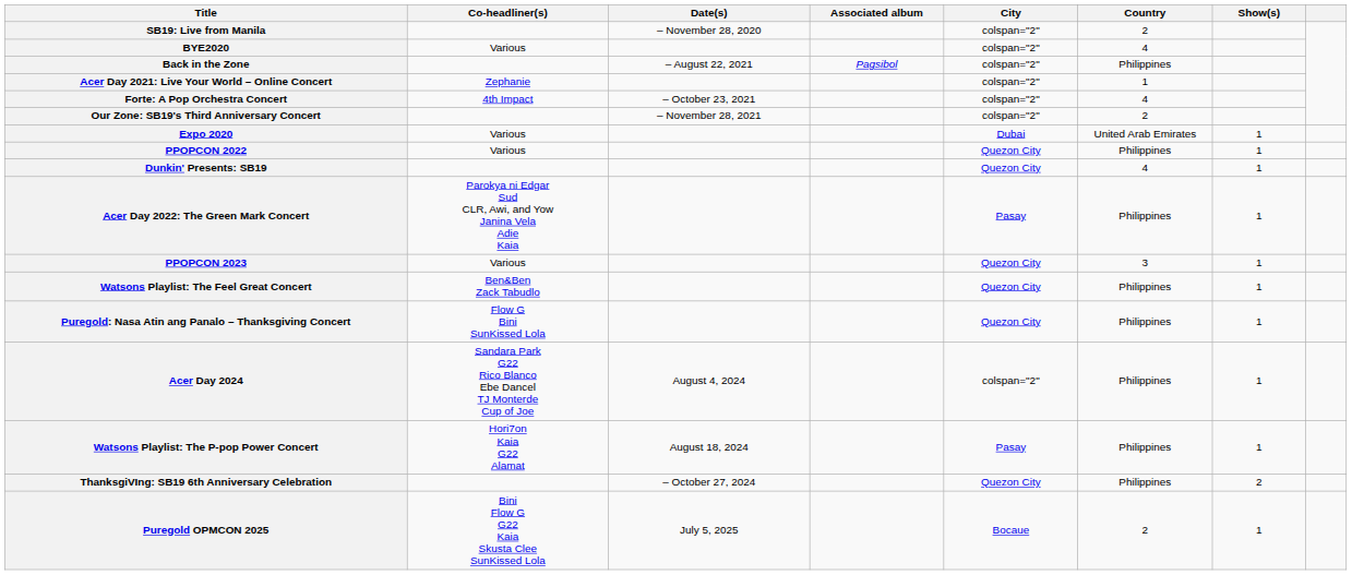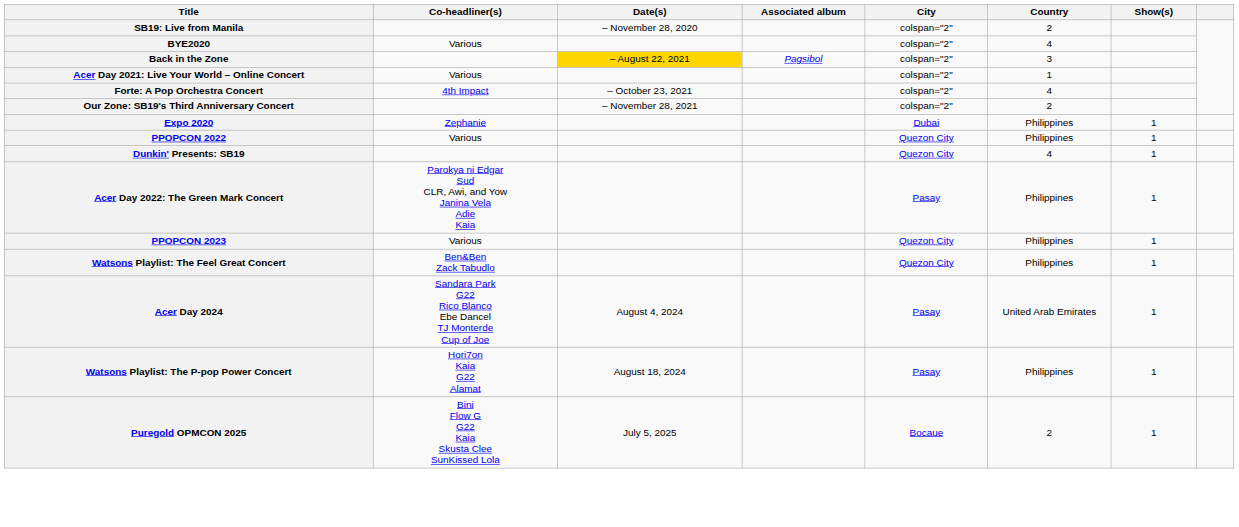 <table class="wikitable sortable plainrowheaders" style="text-align:center;" width="100%">
 <tr>
 <th scope="col" width="30%">Title</th>
 <th scope="col" width="15%" class="unsortable">Co-headliner(s)</th>
 <th scope="col" width="15%">Date(s)</th>
 <th scope="col" width="10%">Associated album</th>
 <th scope="col" width="10%">City</th>
 <th scope="col" width="10%">Country</th>
 <th scope="col" width="7%">Show(s)</th>
 <th scope="col" width="3%" class="unsortable"></th>
 </tr>
 <tr>
 <th scope="row">SB19: Live from Manila</th>
 <td></td>
 <td> – November 28, 2020</td>
 <td></td>
 <td>colspan="2" </td>
 <td>2</td>
 <td></td>
 </tr>
 <tr>
 <th scope="row">BYE2020</th>
 <td>Various</td>
 <td></td>
 <td></td>
 <td>colspan="2" </td>
 <td>4</td>
 <td></td>
 </tr>
 <tr>
 <th scope="row">Back in the Zone</th>
 <td></td>
-<td> – August 22, 2021</td>
+<td style="background: gold;"> – August 22, 2021</td>
 <td><em><a href='#'>Pagsibol</a></em></td>
 <td>colspan="2" </td>
-<td>Philippines</td>
+<td>3</td>
 <td></td>
 </tr>
 <tr>
 <th scope="row"><a href='#'>Acer</a> Day 2021: Live Your World – Online Concert</th>
-<td><a href='#'>Zephanie</a></td>
+<td>Various</td>
 <td></td>
 <td></td>
 <td>colspan="2" </td>
 <td>1</td>
 <td></td>
 </tr>
 <tr>
 <th scope="row">Forte: A Pop Orchestra Concert</th>
 <td><a href='#'>4th Impact</a></td>
 <td> – October 23, 2021</td>
 <td></td>
 <td>colspan="2" </td>
 <td>4</td>
 <td></td>
 </tr>
 <tr>
 <th scope="row">Our Zone: SB19's Third Anniversary Concert</th>
 <td></td>
 <td> – November 28, 2021</td>
 <td></td>
 <td>colspan="2" </td>
 <td>2</td>
 <td></td>
 </tr>
 <tr>
 <th scope="row"><a href='#'>Expo 2020</a></th>
-<td>Various</td>
+<td><a href='#'>Zephanie</a></td>
 <td></td>
 <td></td>
 <td><a href='#'>Dubai</a></td>
-<td>United Arab Emirates</td>
+<td>Philippines</td>
 <td>1</td>
 <td></td>
 </tr>
 <tr>
 <th scope="row"><a href='#'>PPOPCON 2022</a></th>
 <td>Various</td>
 <td></td>
 <td></td>
 <td><a href='#'>Quezon City</a></td>
 <td>Philippines</td>
 <td>1</td>
 <td></td>
 </tr>
 <tr>
 <th scope="row"><a href='#'>Dunkin'</a> Presents: SB19</th>
 <td></td>
 <td></td>
 <td></td>
 <td><a href='#'>Quezon City</a></td>
 <td>4</td>
 <td>1</td>
 <td></td>
 </tr>
 <tr>
 <th scope="row"><a href='#'>Acer</a> Day 2022: The Green Mark Concert</th>
 <td><a href='#'>Parokya ni Edgar</a><br><a href='#'>Sud</a><br>CLR, Awi, and Yow<br><a href='#'>Janina Vela</a><br><a href='#'>Adie</a><br><a href='#'>Kaia</a></td>
 <td></td>
 <td></td>
 <td><a href='#'>Pasay</a></td>
 <td>Philippines</td>
 <td>1</td>
 <td></td>
 </tr>
 <tr>
 <th scope="row"><a href='#'>PPOPCON 2023</a></th>
 <td>Various</td>
 <td></td>
 <td></td>
 <td><a href='#'>Quezon City</a></td>
-<td>3</td>
+<td>Philippines</td>
 <td>1</td>
 <td></td>
 </tr>
 <tr>
 <th scope="row"><a href='#'>Watsons</a> Playlist: The Feel Great Concert</th>
 <td><a href='#'>Ben&Ben</a><br><a href='#'>Zack Tabudlo</a></td>
 <td></td>
 <td></td>
 <td><a href='#'>Quezon City</a></td>
 <td>Philippines</td>
 <td>1</td>
 <td></td>
 </tr>
 <tr>
-<th scope="row"><a href='#'>Puregold</a>: Nasa Atin ang Panalo – Thanksgiving Concert</th>
-<td><a href='#'>Flow G</a><br><a href='#'>Bini</a><br><a href='#'>SunKissed Lola</a></td>
-<td></td>
-<td></td>
-<td><a href='#'>Quezon City</a></td>
-<td>Philippines</td>
-<td>1</td>
-<td></td>
-</tr>
-<tr>
 <th scope="row"><a href='#'>Acer</a> Day 2024</th>
 <td><a href='#'>Sandara Park</a><br><a href='#'>G22</a><br><a href='#'>Rico Blanco</a><br>Ebe Dancel<br><a href='#'>TJ Monterde</a><br><a href='#'>Cup of Joe</a></td>
 <td>August 4, 2024</td>
 <td></td>
-<td>colspan="2" </td>
-<td>Philippines</td>
+<td><a href='#'>Pasay</a></td>
+<td>United Arab Emirates</td>
 <td>1</td>
 <td></td>
 </tr>
 <tr>
 <th scope="row"><a href='#'>Watsons</a> Playlist: The P-pop Power Concert</th>
 <td><a href='#'>Hori7on</a><br><a href='#'>Kaia</a><br><a href='#'>G22</a><br><a href='#'>Alamat</a></td>
 <td>August 18, 2024</td>
 <td></td>
 <td><a href='#'>Pasay</a></td>
 <td>Philippines</td>
 <td>1</td>
 <td></td>
 </tr>
 <tr>
-<th scope="row">ThanksgiVIng: SB19 6th Anniversary Celebration</th>
-<td></td>
-<td> – October 27, 2024</td>
-<td></td>
-<td><a href='#'>Quezon City</a></td>
-<td>Philippines</td>
-<td>2</td>
-<td></td>
-</tr>
-<tr>
 <th scope="row"><a href='#'>Puregold</a> OPMCON 2025</th>
 <td><a href='#'>Bini</a><br><a href='#'>Flow G</a><br><a href='#'>G22</a><br><a href='#'>Kaia</a><br><a href='#'>Skusta Clee</a><br><a href='#'>SunKissed Lola</a></td>
 <td>July 5, 2025</td>
 <td></td>
 <td><a href='#'>Bocaue</a></td>
 <td>2</td>
 <td>1</td>
 <td></td>
 </tr>
 </table>
